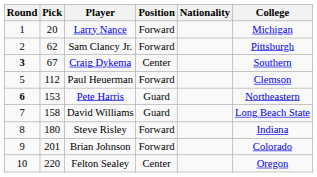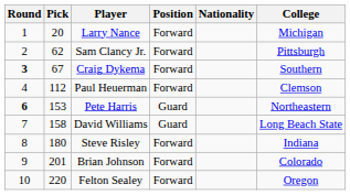 <table class="wikitable sortable sortable">
 <tr>
 <th>Round</th>
 <th>Pick</th>
 <th>Player</th>
 <th>Position</th>
 <th>Nationality</th>
 <th>College</th>
 </tr>
 <tr style="text-align: center">
 <td>1</td>
 <td>20</td>
 <td><a href='#'>Larry Nance</a></td>
 <td>Forward</td>
 <td></td>
 <td><a href='#'>Michigan</a></td>
 </tr>
 <tr style="text-align: center">
 <td>2</td>
 <td>62</td>
 <td>Sam Clancy Jr.</td>
 <td>Forward</td>
 <td></td>
 <td><a href='#'>Pittsburgh</a></td>
 </tr>
 <tr style="text-align: center">
 <td><strong>3</strong></td>
 <td>67</td>
 <td><a href='#'>Craig Dykema</a></td>
-<td>Center</td>
+<td>Forward</td>
 <td></td>
 <td><a href='#'>Southern</a></td>
 </tr>
 <tr style="text-align: center">
-<td>5</td>
+<td>4</td>
 <td>112</td>
 <td>Paul Heuerman</td>
 <td>Forward</td>
 <td></td>
 <td><a href='#'>Clemson</a></td>
 </tr>
 <tr style="text-align: center">
 <td><strong>6</strong></td>
 <td>153</td>
 <td><a href='#'>Pete Harris</a></td>
 <td>Guard</td>
 <td></td>
 <td><a href='#'>Northeastern</a></td>
 </tr>
 <tr style="text-align: center">
 <td>7</td>
 <td>158</td>
 <td>David Williams</td>
 <td>Guard</td>
 <td></td>
 <td><a href='#'>Long Beach State</a></td>
 </tr>
 <tr style="text-align: center">
 <td>8</td>
 <td>180</td>
 <td>Steve Risley</td>
 <td>Forward</td>
 <td></td>
 <td><a href='#'>Indiana</a></td>
 </tr>
 <tr style="text-align: center">
 <td>9</td>
 <td>201</td>
 <td>Brian Johnson</td>
 <td>Forward</td>
 <td></td>
 <td><a href='#'>Colorado</a></td>
 </tr>
 <tr style="text-align: center">
 <td>10</td>
 <td>220</td>
 <td>Felton Sealey</td>
-<td>Center</td>
+<td>Forward</td>
 <td></td>
 <td><a href='#'>Oregon</a></td>
 </tr>
 </table>
